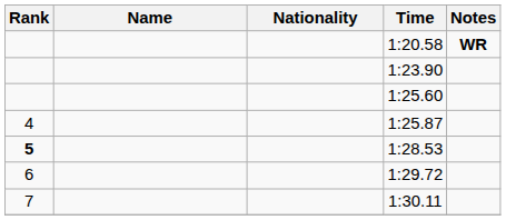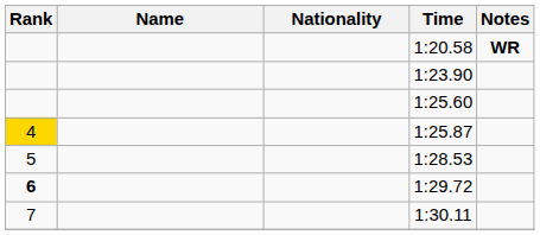 <table class="wikitable sortable" style="text-align:center">
 <tr>
 <th>Rank</th>
 <th style="width:180px">Name</th>
 <th style="width:125px">Nationality</th>
 <th>Time</th>
 <th>Notes</th>
 </tr>
 <tr>
 <td></td>
 <td style="text-align:left;"></td>
 <td style="text-align:left;"></td>
 <td>1:20.58</td>
 <td><strong>WR</strong></td>
 </tr>
 <tr>
 <td></td>
 <td style="text-align:left;"></td>
 <td style="text-align:left;"></td>
 <td>1:23.90</td>
 <td></td>
 </tr>
 <tr>
 <td></td>
 <td style="text-align:left;"></td>
 <td style="text-align:left;"></td>
 <td>1:25.60</td>
 <td></td>
 </tr>
 <tr>
-<td>4</td>
+<td style="background: gold;">4</td>
 <td style="text-align:left;"></td>
 <td style="text-align:left;"></td>
 <td>1:25.87</td>
 <td></td>
 </tr>
 <tr>
-<td><strong>5</strong></td>
+<td>5</td>
 <td style="text-align:left;"></td>
 <td style="text-align:left;"></td>
 <td>1:28.53</td>
 <td></td>
 </tr>
 <tr>
-<td>6</td>
+<td><strong>6</strong></td>
 <td style="text-align:left;"></td>
 <td style="text-align:left;"></td>
 <td>1:29.72</td>
 <td></td>
 </tr>
 <tr>
 <td>7</td>
 <td style="text-align:left;"></td>
 <td style="text-align:left;"></td>
 <td>1:30.11</td>
 <td></td>
 </tr>
 <tr>
 </tr>
 </table>
